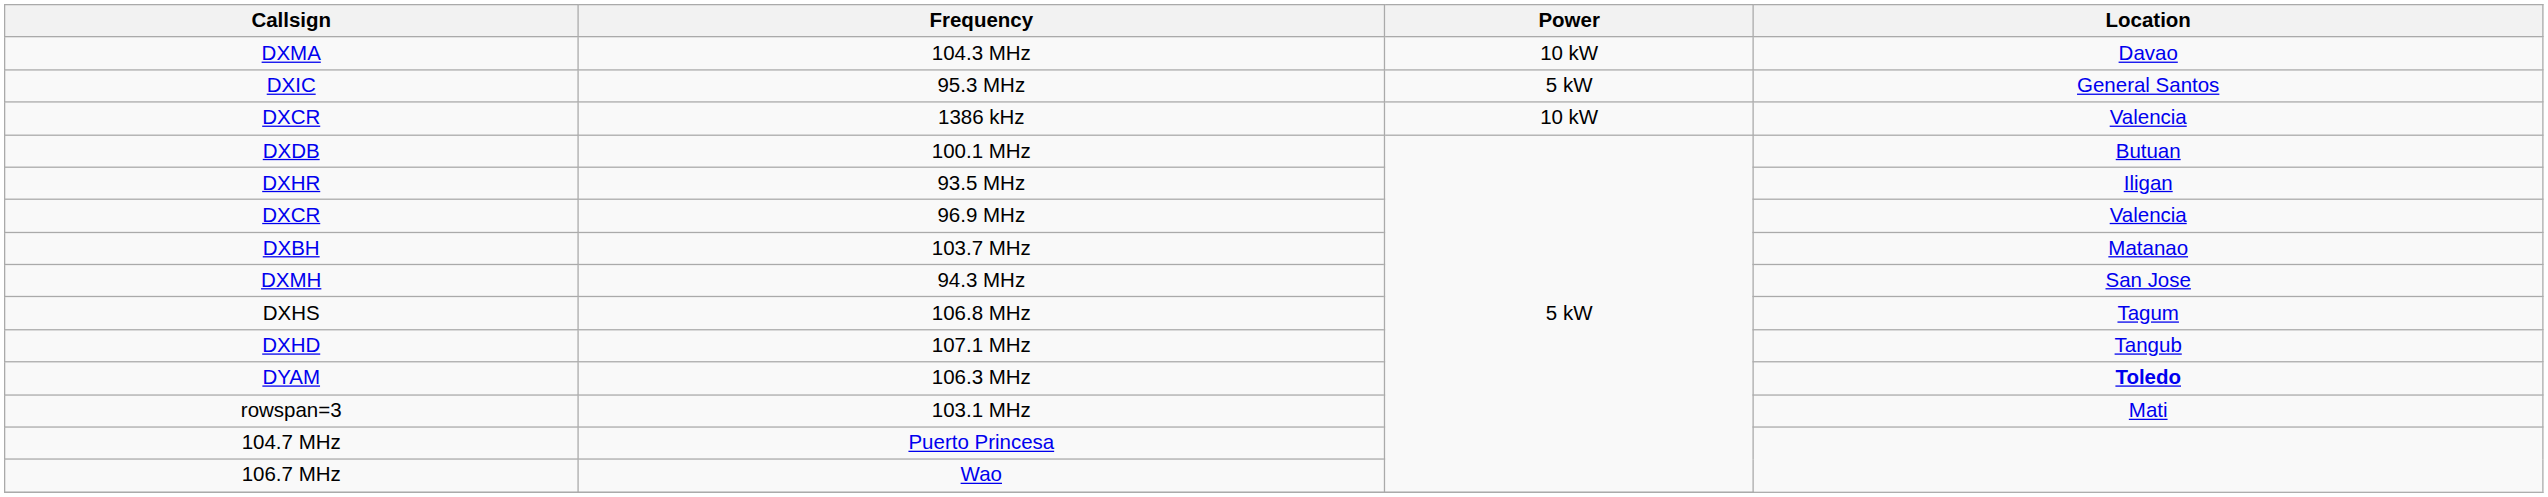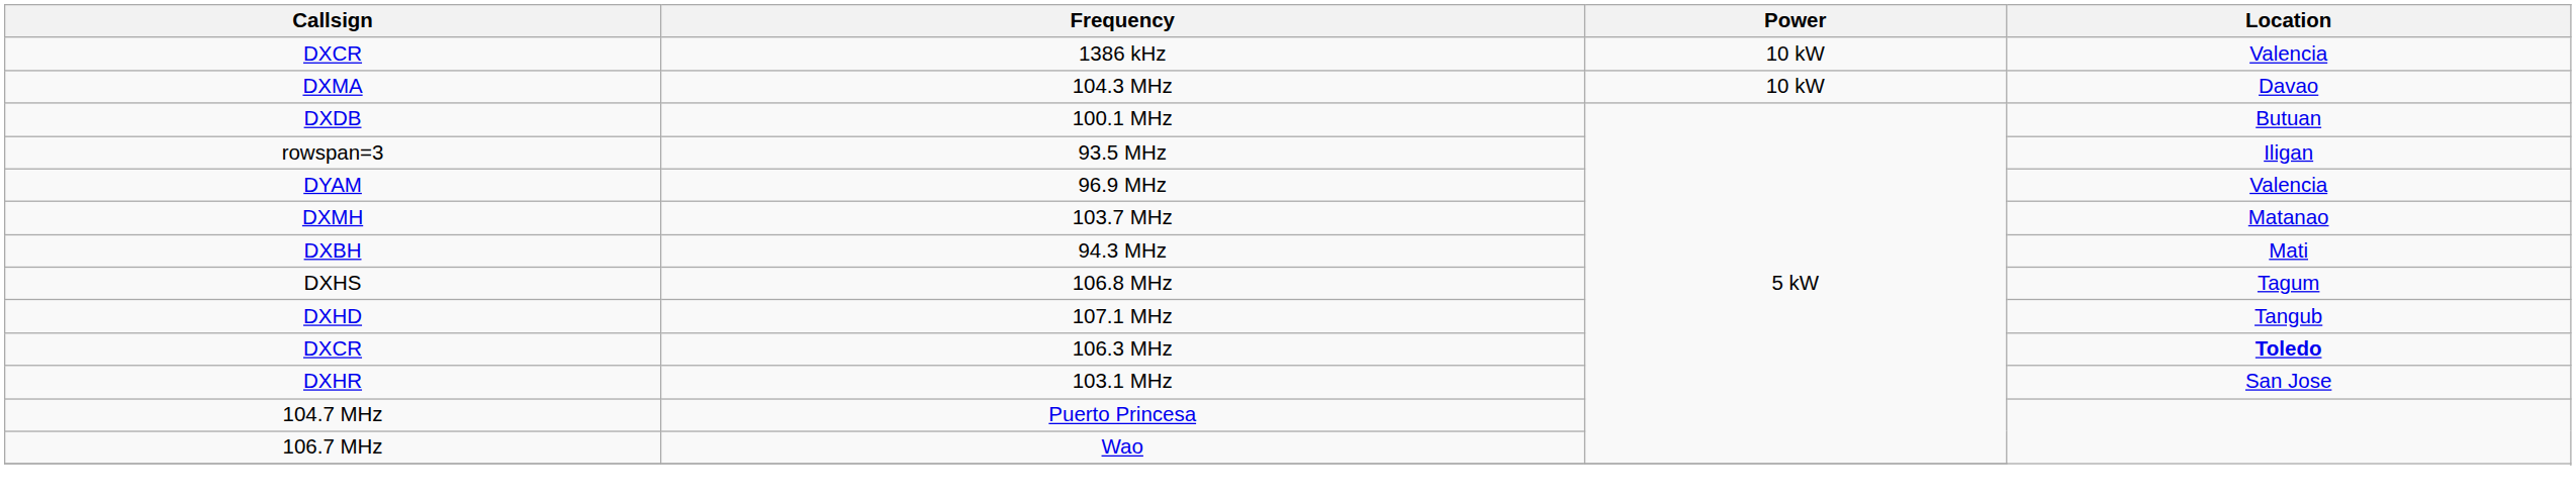 <table class="wikitable sortable" style="width:100%; text-align:center;">
 <tr>
 <th>Callsign</th>
 <th>Frequency</th>
 <th>Power</th>
 <th class="unsortable">Location</th>
 </tr>
 <tr>
+<td><a href='#'>DXCR</a></td>
+<td>1386 kHz</td>
+<td>10 kW</td>
+<td><a href='#'>Valencia</a></td>
+</tr>
+<tr>
 <td><a href='#'>DXMA</a></td>
 <td>104.3 MHz</td>
 <td>10 kW</td>
 <td><a href='#'>Davao</a></td>
-</tr>
-<tr>
-<td><a href='#'>DXIC</a></td>
-<td>95.3 MHz</td>
-<td>5 kW</td>
-<td><a href='#'>General Santos</a></td>
-</tr>
-<tr>
-<td><a href='#'>DXCR</a></td>
-<td>1386 kHz</td>
-<td>10 kW</td>
-<td><a href='#'>Valencia</a></td>
 </tr>
 <tr>
 <td><a href='#'>DXDB</a></td>
 <td>100.1 MHz</td>
 <td rowspan="11">5 kW</td>
 <td><a href='#'>Butuan</a></td>
 </tr>
 <tr>
-<td><a href='#'>DXHR</a></td>
+<td>rowspan=3 </td>
 <td>93.5 MHz</td>
 <td><a href='#'>Iligan</a></td>
 </tr>
 <tr>
-<td><a href='#'>DXCR</a></td>
+<td><a href='#'>DYAM</a></td>
 <td>96.9 MHz</td>
 <td><a href='#'>Valencia</a></td>
 </tr>
 <tr>
-<td><a href='#'>DXBH</a></td>
+<td><a href='#'>DXMH</a></td>
 <td>103.7 MHz</td>
 <td><a href='#'>Matanao</a></td>
 </tr>
 <tr>
-<td><a href='#'>DXMH</a></td>
+<td><a href='#'>DXBH</a></td>
 <td>94.3 MHz</td>
-<td><a href='#'>San Jose</a></td>
+<td><a href='#'>Mati</a></td>
 </tr>
 <tr>
 <td>DXHS</td>
 <td>106.8 MHz</td>
 <td><a href='#'>Tagum</a></td>
 </tr>
 <tr>
 <td><a href='#'>DXHD</a></td>
 <td>107.1 MHz</td>
 <td><a href='#'>Tangub</a></td>
 </tr>
 <tr>
-<td><a href='#'>DYAM</a></td>
+<td><a href='#'>DXCR</a></td>
 <td>106.3 MHz</td>
 <td><strong><a href='#'>Toledo</a></strong></td>
 </tr>
 <tr>
-<td>rowspan=3 </td>
+<td><a href='#'>DXHR</a></td>
 <td>103.1 MHz</td>
-<td><a href='#'>Mati</a></td>
+<td><a href='#'>San Jose</a></td>
 </tr>
 <tr>
 <td>104.7 MHz</td>
 <td><a href='#'>Puerto Princesa</a></td>
 </tr>
 <tr>
 <td>106.7 MHz</td>
 <td><a href='#'>Wao</a></td>
 </tr>
 <tr>
 </tr>
 </table>
